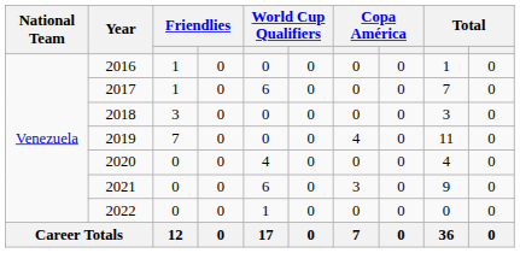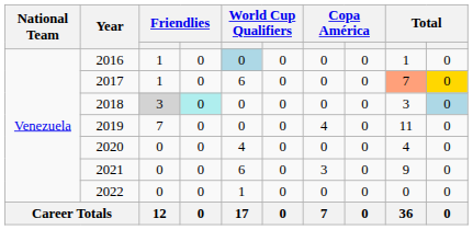 <table class="wikitable">
 <tr>
 <th style="width:80px;" rowspan="2">National<br>Team</th>
 <th style="width:60px;" rowspan="2">Year</th>
 <th style="width:80px;" colspan="2"><a href='#'>Friendlies</a></th>
 <th style="width:80px;" colspan="2"><a href='#'>World Cup Qualifiers</a></th>
 <th style="width:80px;" colspan="2"><a href='#'>Copa América</a></th>
 <th style="width:80px;" colspan="2">Total</th>
 </tr>
 <tr style="text-align:center;">
 <th style="width:40px;" app></th>
 <th style="width:40px;" abbr="Goals against"></th>
 <th style="width:40px;" app></th>
 <th style="width:40px;" abbr="Goals against"></th>
 <th style="width:40px;" app></th>
 <th style="width:40px;" abbr="Goals against"></th>
 <th style="width:40px;" app></th>
 <th style="width:40px;" abbr="Goals against"></th>
 </tr>
 <tr style="text-align:center;">
 <td rowspan="7"><a href='#'>Venezuela</a></td>
 <td>2016</td>
 <td>1</td>
 <td>0</td>
-<td>0</td>
+<td style="background: lightblue;">0</td>
 <td>0</td>
 <td>0</td>
 <td>0</td>
 <td>1</td>
 <td>0</td>
 </tr>
 <tr style="text-align:center;">
 <td>2017</td>
 <td>1</td>
 <td>0</td>
 <td>6</td>
 <td>0</td>
 <td>0</td>
 <td>0</td>
-<td>7</td>
-<td>0</td>
+<td style="background: lightsalmon;">7</td>
+<td style="background: gold;">0</td>
 </tr>
 <tr style="text-align:center;">
 <td>2018</td>
-<td>3</td>
-<td>0</td>
+<td style="background: lightgrey;">3</td>
+<td style="background: paleturquoise;">0</td>
 <td>0</td>
 <td>0</td>
 <td>0</td>
 <td>0</td>
 <td>3</td>
-<td>0</td>
+<td style="background: lightblue;">0</td>
 </tr>
 <tr style="text-align:center;">
 <td>2019</td>
 <td>7</td>
 <td>0</td>
 <td>0</td>
 <td>0</td>
 <td>4</td>
 <td>0</td>
 <td>11</td>
 <td>0</td>
 </tr>
 <tr style="text-align:center;">
 <td>2020</td>
 <td>0</td>
 <td>0</td>
 <td>4</td>
 <td>0</td>
 <td>0</td>
 <td>0</td>
 <td>4</td>
 <td>0</td>
 </tr>
 <tr style="text-align:center;">
 <td>2021</td>
 <td>0</td>
 <td>0</td>
 <td>6</td>
 <td>0</td>
 <td>3</td>
 <td>0</td>
 <td>9</td>
 <td>0</td>
 </tr>
 <tr style="text-align:center;">
 <td>2022</td>
 <td>0</td>
 <td>0</td>
 <td>1</td>
 <td>0</td>
 <td>0</td>
 <td>0</td>
 <td>0</td>
 <td>0</td>
 </tr>
 <tr style="text-align:center;">
 <th style="text-align:center;" colspan="2">Career Totals</th>
 <th align=center>12</th>
 <th align=center>0</th>
 <th align=center>17</th>
 <th align=center>0</th>
 <th align=center>7</th>
 <th align=center>0</th>
 <th align=center>36</th>
 <th align=center>0</th>
 </tr>
 </table>
